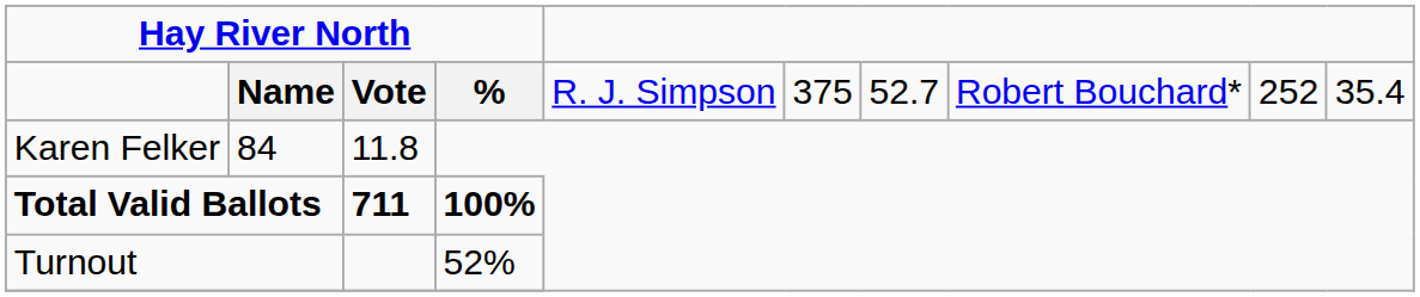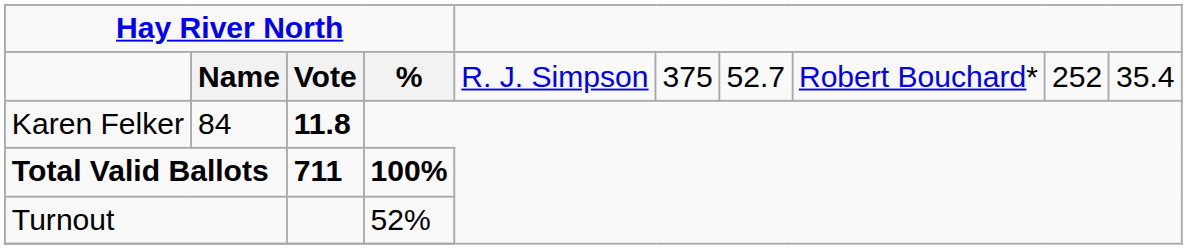 <table class="wikitable">
 <tr>
 <td colspan=4 align=center><strong><a href='#'>Hay River North</a></strong></td>
 </tr>
 <tr>
 <td></td>
 <th><strong>Name </strong></th>
 <th><strong>Vote</strong></th>
 <th><strong>%</strong><br></th>
 <td><a href='#'>R. J. Simpson</a></td>
 <td>375</td>
 <td>52.7<br></td>
 <td><a href='#'>Robert Bouchard</a>*</td>
 <td>252</td>
 <td>35.4</td>
 </tr>
 <tr>
 <td>Karen Felker</td>
 <td>84</td>
-<td>11.8</td>
+<td><strong>11.8</strong></td>
 </tr>
 <tr>
 <td colspan=2><strong>Total Valid Ballots</strong></td>
 <td><strong>711</strong></td>
 <td><strong>100%</strong></td>
 </tr>
 <tr>
 <td colspan=2>Turnout</td>
 <td></td>
 <td>52%</td>
 </tr>
 <tr>
 </tr>
 </table>
